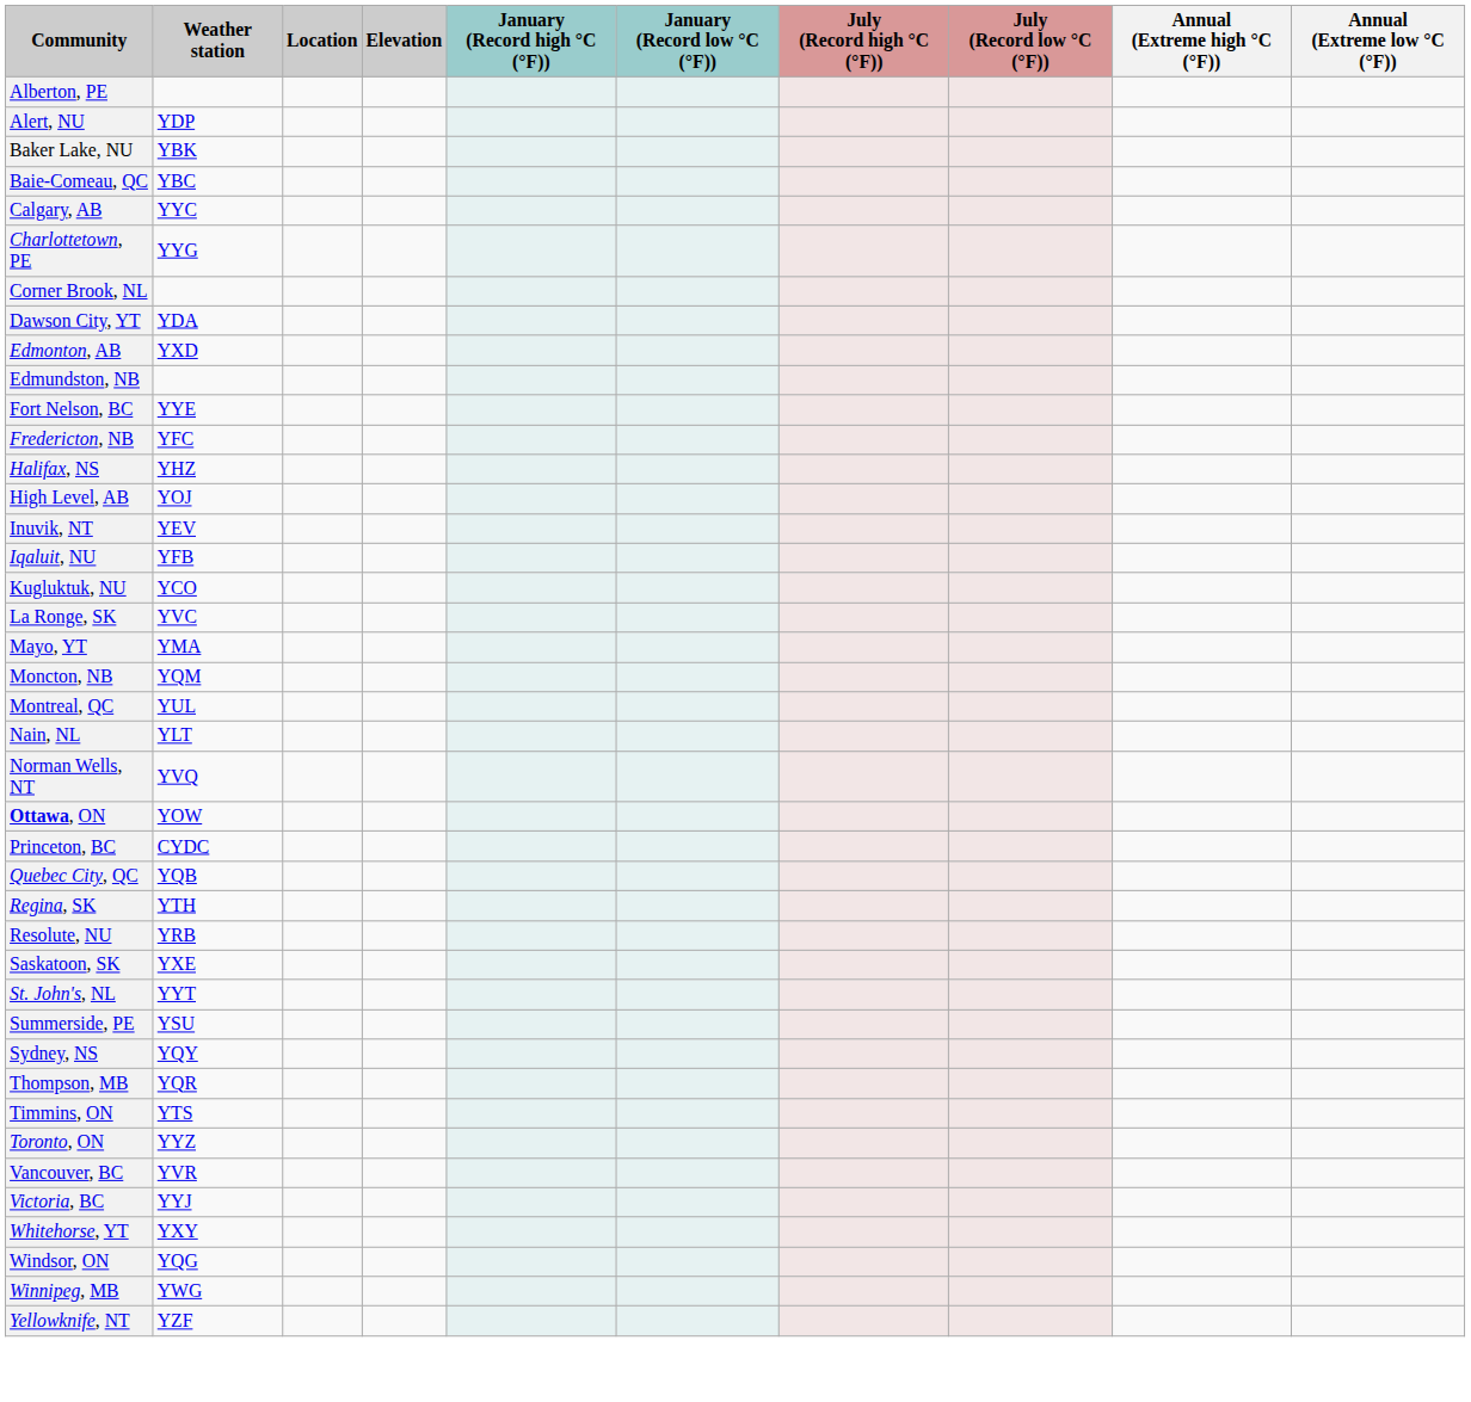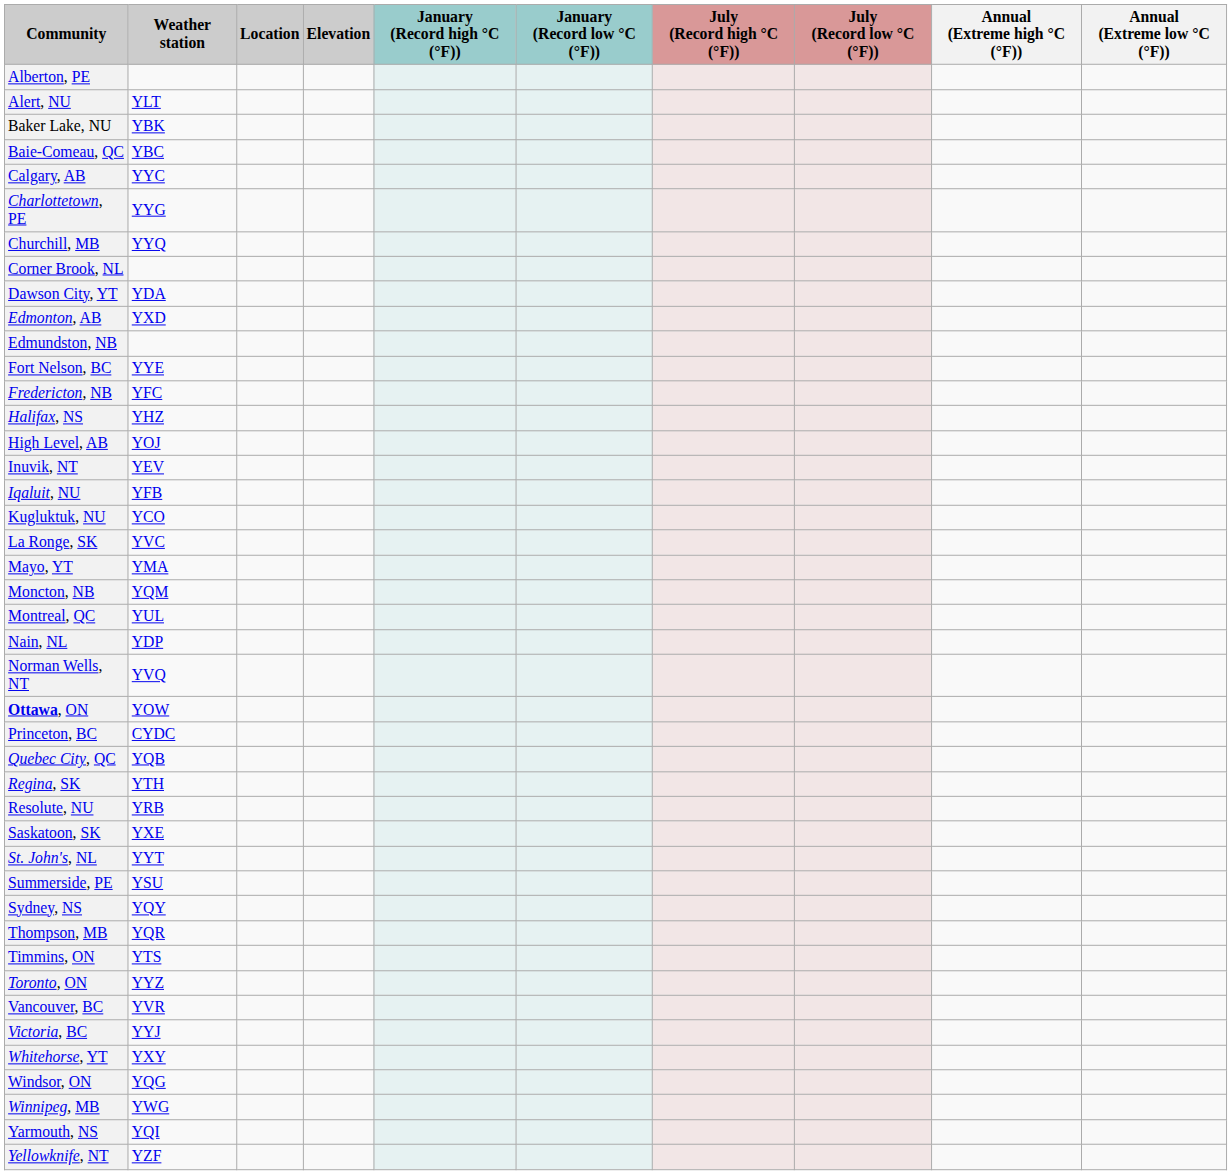 <table class="wikitable sortable" style="text−align:center">
 <tr>
 <th style="background:#ccc;">Community</th>
 <th style="background:#ccc;">Weather station</th>
 <th style="background:#ccc;">Location</th>
 <th style="background:#ccc;">Elevation</th>
 <th style="background:#9cc;">January<br><span>(Record high °C (°F))</span></th>
 <th style="background:#9cc;">January<br><span>(Record low °C (°F))</span></th>
 <th style="background: #D99898;">July<br><span>(Record high °C (°F))</span></th>
 <th style="background: #D99898;">July<br><span>(Record low °C (°F))</span></th>
 <th>Annual<br><span>(Extreme high °C (°F))</span></th>
 <th>Annual<br><span>(Extreme low °C (°F))</span></th>
 </tr>
 <tr>
 <td style="text−align:left; background: #F2F2F2;"><a href='#'>Alberton</a>, <a href='#'>PE</a></td>
 <td> </td>
 <td></td>
 <td></td>
 <td style="background: #E6F2F2;"></td>
 <td style="background: #E6F2F2;"></td>
 <td style="background: #F2E6E6;"></td>
 <td style="background: #F2E6E6;"></td>
 <td></td>
 <td></td>
 </tr>
 <tr>
 <td style="text−align:left; background: #F2F2F2;"><a href='#'>Alert</a>, <a href='#'>NU</a></td>
-<td><a href='#'>YDP</a></td>
+<td><a href='#'>YLT</a></td>
 <td></td>
 <td></td>
 <td style="background: #E6F2F2;"></td>
 <td style="background: #E6F2F2;"></td>
 <td style="background: #F2E6E6;"></td>
 <td style="background: #F2E6E6;"></td>
 <td></td>
 <td></td>
 </tr>
 <tr>
 <td style="text−align:left; background: #F2F2F2;">Baker Lake, NU</td>
 <td><a href='#'>YBK</a></td>
 <td></td>
 <td></td>
 <td style="background: #E6F2F2;"></td>
 <td style="background: #E6F2F2;"></td>
 <td style="background: #F2E6E6;"></td>
 <td style="background: #F2E6E6;"></td>
 <td></td>
 <td></td>
 </tr>
 <tr>
 <td style="text−align:left; background: #F2F2F2;"><a href='#'>Baie-Comeau</a>, <a href='#'>QC</a></td>
 <td><a href='#'>YBC</a></td>
 <td></td>
 <td></td>
 <td style="background: #E6F2F2;"></td>
 <td style="background: #E6F2F2;"></td>
 <td style="background: #F2E6E6;"></td>
 <td style="background: #F2E6E6;"></td>
 <td></td>
 <td></td>
 </tr>
 <tr>
 <td style="text−align:left; background: #F2F2F2;"><a href='#'>Calgary</a>, <a href='#'>AB</a></td>
 <td><a href='#'>YYC</a></td>
 <td></td>
 <td></td>
 <td style="background: #E6F2F2;"></td>
 <td style="background: #E6F2F2;"></td>
 <td style="background: #F2E6E6;"></td>
 <td style="background: #F2E6E6;"></td>
 <td></td>
 <td></td>
 </tr>
 <tr>
 <td style="text−align:left; background: #F2F2F2;"><em><a href='#'>Charlottetown</a></em>, <a href='#'>PE</a></td>
 <td><a href='#'>YYG</a></td>
+<td></td>
+<td></td>
+<td style="background: #E6F2F2;"></td>
+<td style="background: #E6F2F2;"></td>
+<td style="background: #F2E6E6;"></td>
+<td style="background: #F2E6E6;"></td>
+<td></td>
+<td></td>
+</tr>
+<tr>
+<td style="text−align:left; background: #F2F2F2;"><a href='#'>Churchill</a>, <a href='#'>MB</a></td>
+<td><a href='#'>YYQ</a></td>
 <td></td>
 <td></td>
 <td style="background: #E6F2F2;"></td>
 <td style="background: #E6F2F2;"></td>
 <td style="background: #F2E6E6;"></td>
 <td style="background: #F2E6E6;"></td>
 <td></td>
 <td></td>
 </tr>
 <tr>
 <td style="text−align:left; background: #F2F2F2;"><a href='#'>Corner Brook</a>, <a href='#'>NL</a></td>
 <td> </td>
 <td></td>
 <td></td>
 <td style="background: #E6F2F2;"></td>
 <td style="background: #E6F2F2;"></td>
 <td style="background: #F2E6E6;"></td>
 <td style="background: #F2E6E6;"></td>
 <td></td>
 <td></td>
 </tr>
 <tr>
 <td style="text−align:left; background: #F2F2F2;"><a href='#'>Dawson City</a>, <a href='#'>YT</a></td>
 <td><a href='#'>YDA</a></td>
 <td></td>
 <td></td>
 <td style="background: #E6F2F2;"></td>
 <td style="background: #E6F2F2;"></td>
 <td style="background: #F2E6E6;"></td>
 <td style="background: #F2E6E6;"></td>
 <td></td>
 <td></td>
 </tr>
 <tr>
 <td style="text−align:left; background: #F2F2F2;"><em><a href='#'>Edmonton</a></em>, <a href='#'>AB</a></td>
 <td><a href='#'>YXD</a></td>
 <td></td>
 <td></td>
 <td style="background: #E6F2F2;"></td>
 <td style="background: #E6F2F2;"></td>
 <td style="background: #F2E6E6;"></td>
 <td style="background: #F2E6E6;"></td>
 <td></td>
 <td></td>
 </tr>
 <tr>
 <td style="text−align:left; background: #F2F2F2;"><a href='#'>Edmundston</a>, <a href='#'>NB</a></td>
 <td> </td>
 <td></td>
 <td></td>
 <td style="background: #E6F2F2;"></td>
 <td style="background: #E6F2F2;"></td>
 <td style="background: #F2E6E6;"></td>
 <td style="background: #F2E6E6;"></td>
 <td></td>
 <td></td>
 </tr>
 <tr>
 <td style="text−align:left; background: #F2F2F2;"><a href='#'>Fort Nelson</a>, <a href='#'>BC</a></td>
 <td><a href='#'>YYE</a></td>
 <td></td>
 <td></td>
 <td style="background: #E6F2F2;"></td>
 <td style="background: #E6F2F2;"></td>
 <td style="background: #F2E6E6;"></td>
 <td style="background: #F2E6E6;"></td>
 <td></td>
 <td></td>
 </tr>
 <tr>
 <td style="text−align:left; background: #F2F2F2;"><em><a href='#'>Fredericton</a></em>, <a href='#'>NB</a></td>
 <td><a href='#'>YFC</a></td>
 <td></td>
 <td></td>
 <td style="background: #E6F2F2;"></td>
 <td style="background: #E6F2F2;"></td>
 <td style="background: #F2E6E6;"></td>
 <td style="background: #F2E6E6;"></td>
 <td></td>
 <td></td>
 </tr>
 <tr>
 <td style="text−align:left; background: #F2F2F2;"><em><a href='#'>Halifax</a></em>, <a href='#'>NS</a></td>
 <td><a href='#'>YHZ</a></td>
 <td></td>
 <td></td>
 <td style="background: #E6F2F2;"></td>
 <td style="background: #E6F2F2;"></td>
 <td style="background: #F2E6E6;"></td>
 <td style="background: #F2E6E6;"></td>
 <td></td>
 <td></td>
 </tr>
 <tr>
 <td style="text−align:left; background: #F2F2F2;"><a href='#'>High Level</a>, <a href='#'>AB</a></td>
 <td><a href='#'>YOJ</a></td>
 <td></td>
 <td></td>
 <td style="background: #E6F2F2;"></td>
 <td style="background: #E6F2F2;"></td>
 <td style="background: #F2E6E6;"></td>
 <td style="background: #F2E6E6;"></td>
 <td></td>
 <td></td>
 </tr>
 <tr>
 <td style="text−align:left; background: #F2F2F2;"><a href='#'>Inuvik</a>, <a href='#'>NT</a></td>
 <td><a href='#'>YEV</a></td>
 <td></td>
 <td></td>
 <td style="background: #E6F2F2;"></td>
 <td style="background: #E6F2F2;"></td>
 <td style="background: #F2E6E6;"></td>
 <td style="background: #F2E6E6;"></td>
 <td></td>
 <td></td>
 </tr>
 <tr>
 <td style="text−align:left; background: #F2F2F2;"><em><a href='#'>Iqaluit</a></em>, <a href='#'>NU</a></td>
 <td><a href='#'>YFB</a></td>
 <td></td>
 <td></td>
 <td style="background: #E6F2F2;"></td>
 <td style="background: #E6F2F2;"></td>
 <td style="background: #F2E6E6;"></td>
 <td style="background: #F2E6E6;"></td>
 <td></td>
 <td></td>
 </tr>
 <tr>
 <td style="text−align:left; background: #F2F2F2;"><a href='#'>Kugluktuk</a>, <a href='#'>NU</a></td>
 <td><a href='#'>YCO</a></td>
 <td></td>
 <td></td>
 <td style="background: #E6F2F2;"></td>
 <td style="background: #E6F2F2;"></td>
 <td style="background: #F2E6E6;"></td>
 <td style="background: #F2E6E6;"></td>
 <td></td>
 <td></td>
 </tr>
 <tr>
 <td style="text−align:left; background: #F2F2F2;"><a href='#'>La Ronge</a>, <a href='#'>SK</a></td>
 <td><a href='#'>YVC</a></td>
 <td></td>
 <td></td>
 <td style="background: #E6F2F2;"></td>
 <td style="background: #E6F2F2;"></td>
 <td style="background: #F2E6E6;"></td>
 <td style="background: #F2E6E6;"></td>
 <td></td>
 <td></td>
 </tr>
 <tr>
 <td style="text−align:left; background: #F2F2F2;"><a href='#'>Mayo</a>, <a href='#'>YT</a></td>
 <td><a href='#'>YMA</a></td>
 <td></td>
 <td></td>
 <td style="background: #E6F2F2;"></td>
 <td style="background: #E6F2F2;"></td>
 <td style="background: #F2E6E6;"></td>
 <td style="background: #F2E6E6;"></td>
 <td></td>
 <td></td>
 </tr>
 <tr>
 <td style="text−align:left; background: #F2F2F2;"><a href='#'>Moncton</a>, <a href='#'>NB</a></td>
 <td><a href='#'>YQM</a></td>
 <td></td>
 <td></td>
 <td style="background: #E6F2F2;"></td>
 <td style="background: #E6F2F2;"></td>
 <td style="background: #F2E6E6;"></td>
 <td style="background: #F2E6E6;"></td>
 <td></td>
 <td></td>
 </tr>
 <tr>
 <td style="text−align:left; background: #F2F2F2;"><a href='#'>Montreal</a>, <a href='#'>QC</a></td>
 <td><a href='#'>YUL</a></td>
 <td></td>
 <td></td>
 <td style="background: #E6F2F2;"></td>
 <td style="background: #E6F2F2;"></td>
 <td style="background: #F2E6E6;"></td>
 <td style="background: #F2E6E6;"></td>
 <td></td>
 <td></td>
 </tr>
 <tr>
 <td style="text−align:left; background: #F2F2F2;"><a href='#'>Nain</a>, <a href='#'>NL</a></td>
-<td><a href='#'>YLT</a></td>
+<td><a href='#'>YDP</a></td>
 <td></td>
 <td></td>
 <td style="background: #E6F2F2;"></td>
 <td style="background: #E6F2F2;"></td>
 <td style="background: #F2E6E6;"></td>
 <td style="background: #F2E6E6;"></td>
 <td></td>
 <td></td>
 </tr>
 <tr>
 <td style="text−align:left; background: #F2F2F2;"><a href='#'>Norman Wells</a>, <a href='#'>NT</a></td>
 <td><a href='#'>YVQ</a></td>
 <td></td>
 <td></td>
 <td style="background: #E6F2F2;"></td>
 <td style="background: #E6F2F2;"></td>
 <td style="background: #F2E6E6;"></td>
 <td style="background: #F2E6E6;"></td>
 <td></td>
 <td></td>
 </tr>
 <tr>
 <td style="text−align:left; background: #F2F2F2;"><strong><a href='#'>Ottawa</a></strong>, <a href='#'>ON</a></td>
 <td><a href='#'>YOW</a></td>
 <td></td>
 <td></td>
 <td style="background: #E6F2F2;"></td>
 <td style="background: #E6F2F2;"></td>
 <td style="background: #F2E6E6;"></td>
 <td style="background: #F2E6E6;"></td>
 <td></td>
 <td></td>
 </tr>
 <tr>
 <td style="text−align:left; background: #F2F2F2;"><a href='#'>Princeton</a>, <a href='#'>BC</a></td>
 <td><a href='#'>CYDC</a></td>
 <td></td>
 <td></td>
 <td style="background: #E6F2F2;"></td>
 <td style="background: #E6F2F2;"></td>
 <td style="background: #F2E6E6;"></td>
 <td style="background: #F2E6E6;"></td>
 <td></td>
 <td></td>
 </tr>
 <tr>
 <td style="text−align:left; background: #F2F2F2;"><em><a href='#'>Quebec City</a></em>, <a href='#'>QC</a></td>
 <td><a href='#'>YQB</a></td>
 <td></td>
 <td></td>
 <td style="background: #E6F2F2;"></td>
 <td style="background: #E6F2F2;"></td>
 <td style="background: #F2E6E6;"></td>
 <td style="background: #F2E6E6;"></td>
 <td></td>
 <td></td>
 </tr>
 <tr>
 <td style="text−align:left; background: #F2F2F2;"><em><a href='#'>Regina</a></em>, <a href='#'>SK</a></td>
 <td><a href='#'>YTH</a></td>
 <td></td>
 <td></td>
 <td style="background: #E6F2F2;"></td>
 <td style="background: #E6F2F2;"></td>
 <td style="background: #F2E6E6;"></td>
 <td style="background: #F2E6E6;"></td>
 <td></td>
 <td></td>
 </tr>
 <tr>
 <td style="text−align:left; background: #F2F2F2;"><a href='#'>Resolute</a>, <a href='#'>NU</a></td>
 <td><a href='#'>YRB</a></td>
 <td></td>
 <td></td>
 <td style="background: #E6F2F2;"></td>
 <td style="background: #E6F2F2;"></td>
 <td style="background: #F2E6E6;"></td>
 <td style="background: #F2E6E6;"></td>
 <td></td>
 <td></td>
 </tr>
 <tr>
 <td style="text−align:left; background: #F2F2F2;"><a href='#'>Saskatoon</a>, <a href='#'>SK</a></td>
 <td><a href='#'>YXE</a></td>
 <td></td>
 <td></td>
 <td style="background: #E6F2F2;"></td>
 <td style="background: #E6F2F2;"></td>
 <td style="background: #F2E6E6;"></td>
 <td style="background: #F2E6E6;"></td>
 <td></td>
 <td></td>
 </tr>
 <tr>
 <td style="text−align:left; background: #F2F2F2;"><em><a href='#'>St. John's</a></em>, <a href='#'>NL</a></td>
 <td><a href='#'>YYT</a></td>
 <td></td>
 <td></td>
 <td style="background: #E6F2F2;"></td>
 <td style="background: #E6F2F2;"></td>
 <td style="background: #F2E6E6;"></td>
 <td style="background: #F2E6E6;"></td>
 <td></td>
 <td></td>
 </tr>
 <tr>
 <td style="text−align:left; background: #F2F2F2;"><a href='#'>Summerside</a>, <a href='#'>PE</a></td>
 <td><a href='#'>YSU</a></td>
 <td></td>
 <td></td>
 <td style="background: #E6F2F2;"></td>
 <td style="background: #E6F2F2;"></td>
 <td style="background: #F2E6E6;"></td>
 <td style="background: #F2E6E6;"></td>
 <td></td>
 <td></td>
 </tr>
 <tr>
 <td style="text−align:left; background: #F2F2F2;"><a href='#'>Sydney</a>, <a href='#'>NS</a></td>
 <td><a href='#'>YQY</a></td>
 <td></td>
 <td></td>
 <td style="background: #E6F2F2;"></td>
 <td style="background: #E6F2F2;"></td>
 <td style="background: #F2E6E6;"></td>
 <td style="background: #F2E6E6;"></td>
 <td></td>
 <td></td>
 </tr>
 <tr>
 <td style="text−align:left; background: #F2F2F2;"><a href='#'>Thompson</a>, <a href='#'>MB</a></td>
 <td><a href='#'>YQR</a></td>
 <td></td>
 <td></td>
 <td style="background: #E6F2F2;"></td>
 <td style="background: #E6F2F2;"></td>
 <td style="background: #F2E6E6;"></td>
 <td style="background: #F2E6E6;"></td>
 <td></td>
 <td></td>
 </tr>
 <tr>
 <td style="text−align:left; background: #F2F2F2;"><a href='#'>Timmins</a>, <a href='#'>ON</a></td>
 <td><a href='#'>YTS</a></td>
 <td></td>
 <td></td>
 <td style="background: #E6F2F2;"></td>
 <td style="background: #E6F2F2;"></td>
 <td style="background: #F2E6E6;"></td>
 <td style="background: #F2E6E6;"></td>
 <td></td>
 <td></td>
 </tr>
 <tr>
 <td style="text−align:left; background: #F2F2F2;"><em><a href='#'>Toronto</a></em>, <a href='#'>ON</a></td>
 <td><a href='#'>YYZ</a></td>
 <td></td>
 <td></td>
 <td style="background: #E6F2F2;"></td>
 <td style="background: #E6F2F2;"></td>
 <td style="background: #F2E6E6;"></td>
 <td style="background: #F2E6E6;"></td>
 <td></td>
 <td></td>
 </tr>
 <tr>
 <td style="text−align:left; background: #F2F2F2;"><a href='#'>Vancouver</a>, <a href='#'>BC</a></td>
 <td><a href='#'>YVR</a></td>
 <td></td>
 <td></td>
 <td style="background: #E6F2F2;"></td>
 <td style="background: #E6F2F2;"></td>
 <td style="background: #F2E6E6;"></td>
 <td style="background: #F2E6E6;"></td>
 <td></td>
 <td></td>
 </tr>
 <tr>
 <td style="text−align:left; background: #F2F2F2;"><em><a href='#'>Victoria</a></em>, <a href='#'>BC</a></td>
 <td><a href='#'>YYJ</a></td>
 <td></td>
 <td></td>
 <td style="background: #E6F2F2;"></td>
 <td style="background: #E6F2F2;"></td>
 <td style="background: #F2E6E6;"></td>
 <td style="background: #F2E6E6;"></td>
 <td></td>
 <td></td>
 </tr>
 <tr>
 <td style="text−align:left; background: #F2F2F2;"><em><a href='#'>Whitehorse</a></em>, <a href='#'>YT</a></td>
 <td><a href='#'>YXY</a></td>
 <td></td>
 <td></td>
 <td style="background: #E6F2F2;"></td>
 <td style="background: #E6F2F2;"></td>
 <td style="background: #F2E6E6;"></td>
 <td style="background: #F2E6E6;"></td>
 <td></td>
 <td></td>
 </tr>
 <tr>
 <td style="text−align:left; background: #F2F2F2;"><a href='#'>Windsor</a>, <a href='#'>ON</a></td>
 <td><a href='#'>YQG</a></td>
 <td></td>
 <td></td>
 <td style="background: #E6F2F2;"></td>
 <td style="background: #E6F2F2;"></td>
 <td style="background: #F2E6E6;"></td>
 <td style="background: #F2E6E6;"></td>
 <td></td>
 <td></td>
 </tr>
 <tr>
 <td style="text−align:left; background: #F2F2F2;"><em><a href='#'>Winnipeg</a></em>, <a href='#'>MB</a></td>
 <td><a href='#'>YWG</a></td>
 <td></td>
 <td></td>
 <td style="background: #E6F2F2;"></td>
 <td style="background: #E6F2F2;"></td>
 <td style="background: #F2E6E6;"></td>
 <td style="background: #F2E6E6;"></td>
 <td></td>
 <td></td>
 </tr>
 <tr>
+<td style="text−align:left; background: #F2F2F2;"><a href='#'>Yarmouth</a>, <a href='#'>NS</a></td>
+<td><a href='#'>YQI</a></td>
+<td></td>
+<td></td>
+<td style="background: #E6F2F2;"></td>
+<td style="background: #E6F2F2;"></td>
+<td style="background: #F2E6E6;"></td>
+<td style="background: #F2E6E6;"></td>
+<td></td>
+<td></td>
+</tr>
+<tr>
 <td style="text−align:left; background: #F2F2F2;"><em><a href='#'>Yellowknife</a></em>, <a href='#'>NT</a></td>
 <td><a href='#'>YZF</a></td>
 <td></td>
 <td></td>
 <td style="background: #E6F2F2;"></td>
 <td style="background: #E6F2F2;"></td>
 <td style="background: #F2E6E6;"></td>
 <td style="background: #F2E6E6;"></td>
 <td></td>
 <td></td>
 </tr>
 </table>
